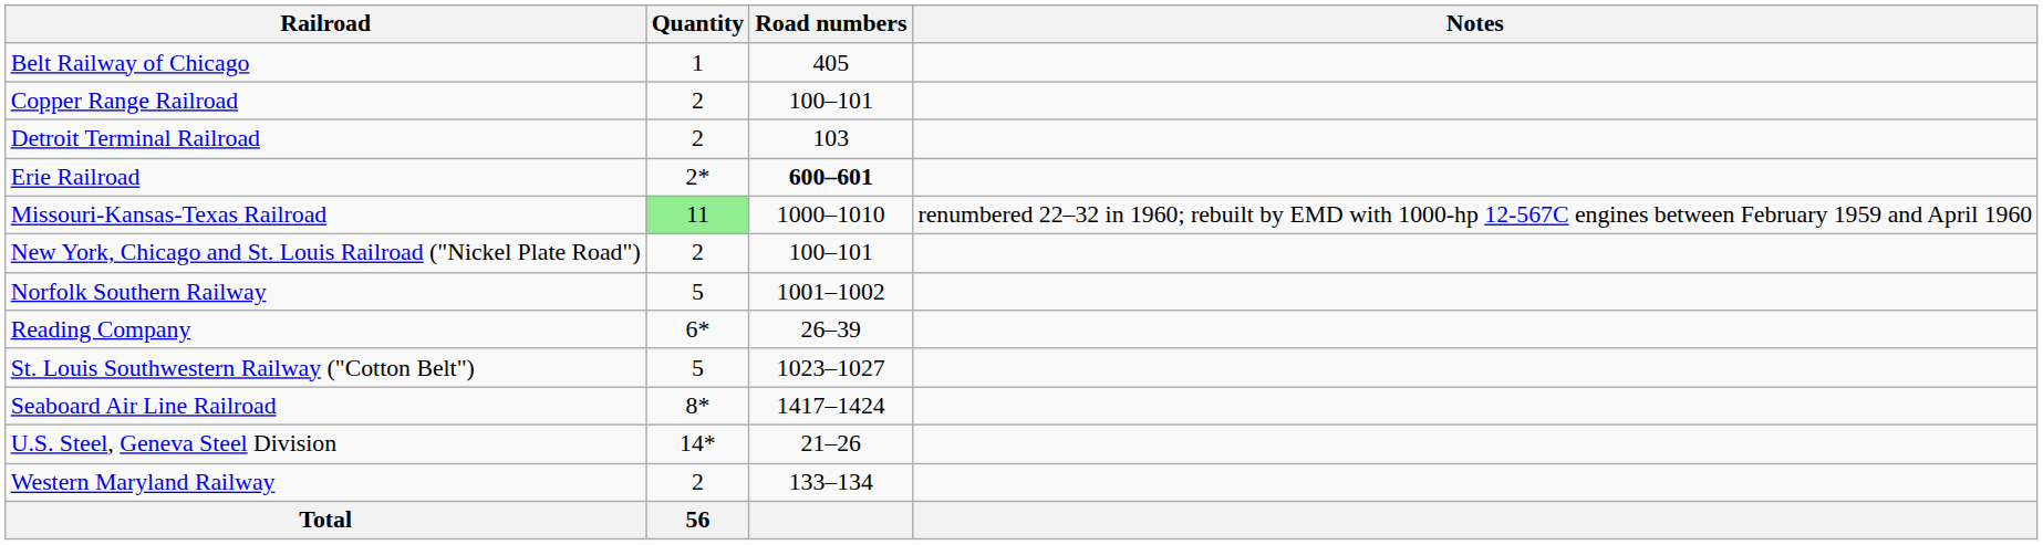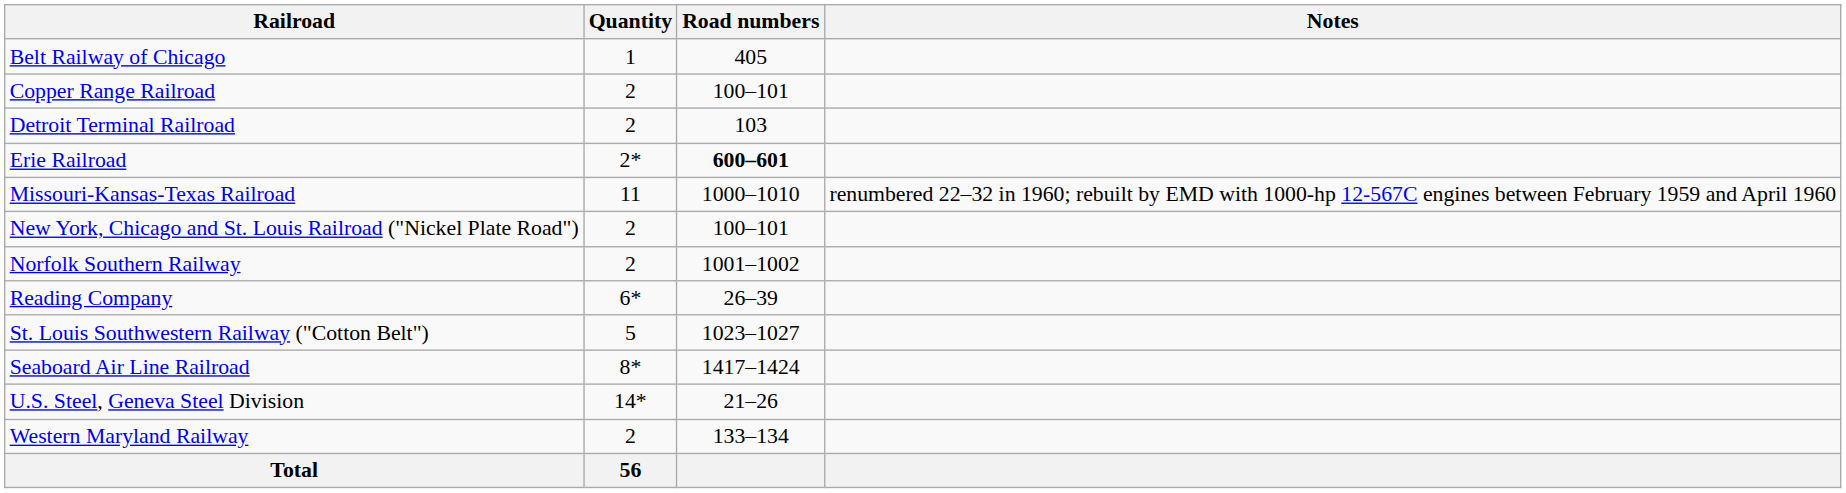 <table class="wikitable" style="text-align: center;">
 <tr>
 <th>Railroad</th>
 <th>Quantity</th>
 <th>Road numbers</th>
 <th>Notes</th>
 </tr>
 <tr>
 <td style="text-align: left;"><a href='#'>Belt Railway of Chicago</a></td>
 <td>1</td>
 <td>405</td>
 <td></td>
 </tr>
 <tr>
 <td style="text-align: left;"><a href='#'>Copper Range Railroad</a></td>
 <td>2</td>
 <td>100–101</td>
 <td></td>
 </tr>
 <tr>
 <td style="text-align: left;"><a href='#'>Detroit Terminal Railroad</a></td>
 <td>2</td>
 <td>103</td>
 <td></td>
 </tr>
 <tr>
 <td style="text-align: left;"><a href='#'>Erie Railroad</a></td>
 <td>2*</td>
 <td><strong>600–601</strong></td>
 <td></td>
 </tr>
 <tr>
 <td style="text-align: left;"><a href='#'>Missouri-Kansas-Texas Railroad</a></td>
-<td style="background: lightgreen;">11</td>
+<td>11</td>
 <td>1000–1010</td>
 <td style="text-align: left;">renumbered 22–32 in 1960; rebuilt by EMD with 1000-hp <a href='#'>12-567C</a> engines between February 1959 and April 1960</td>
 </tr>
 <tr>
 <td style="text-align: left;"><a href='#'>New York, Chicago and St. Louis Railroad</a> ("Nickel Plate Road")</td>
 <td>2</td>
 <td>100–101</td>
 <td></td>
 </tr>
 <tr>
 <td style="text-align: left;"><a href='#'>Norfolk Southern Railway</a></td>
-<td>5</td>
+<td>2</td>
 <td>1001–1002</td>
 <td></td>
 </tr>
 <tr>
 <td style="text-align: left;"><a href='#'>Reading Company</a></td>
 <td>6*</td>
 <td>26–39</td>
 <td></td>
 </tr>
 <tr>
 <td style="text-align: left;"><a href='#'>St. Louis Southwestern Railway</a> ("Cotton Belt")</td>
 <td>5</td>
 <td>1023–1027</td>
 <td></td>
 </tr>
 <tr>
 <td style="text-align: left;"><a href='#'>Seaboard Air Line Railroad</a></td>
 <td>8*</td>
 <td>1417–1424</td>
 <td></td>
 </tr>
 <tr>
 <td style="text-align: left;"><a href='#'>U.S. Steel</a>, <a href='#'>Geneva Steel</a> Division</td>
 <td>14*</td>
 <td>21–26</td>
 <td></td>
 </tr>
 <tr>
 <td style="text-align: left;"><a href='#'>Western Maryland Railway</a></td>
 <td>2</td>
 <td>133–134</td>
 <td></td>
 </tr>
 <tr>
 <th>Total</th>
 <th>56</th>
 <th></th>
 <th></th>
 </tr>
 </table>
